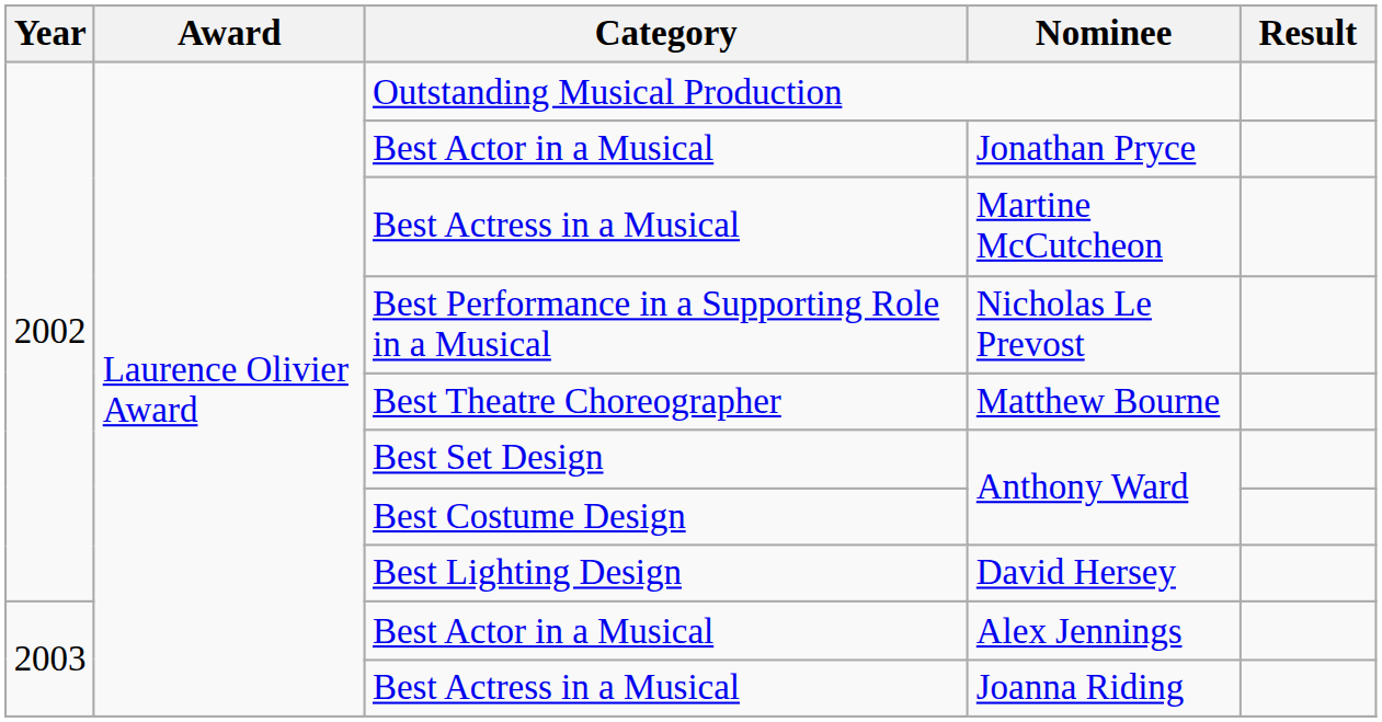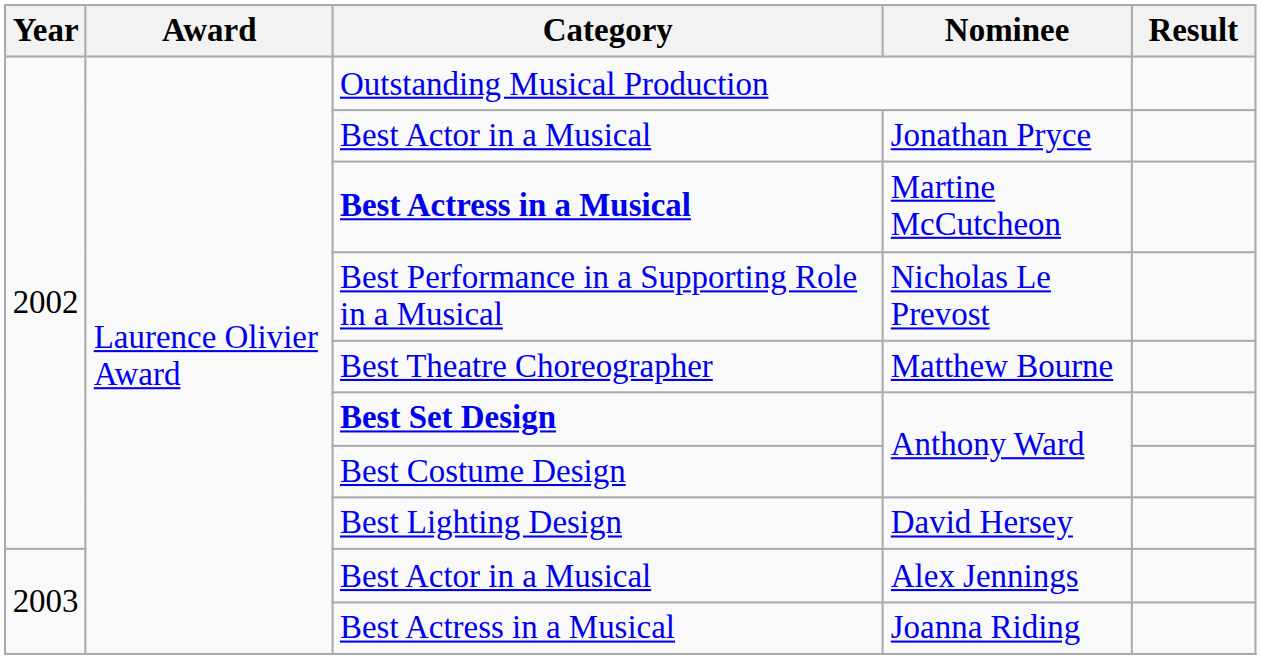 <table class="wikitable">
 <tr>
 <th width="5%">Year</th>
 <th width="20%">Award</th>
 <th width="45%">Category</th>
 <th width="20%">Nominee</th>
 <th width="10%">Result</th>
 </tr>
 <tr>
 <td rowspan="8" align="center">2002</td>
 <td rowspan="10"><a href='#'>Laurence Olivier Award</a></td>
 <td colspan="2"><a href='#'>Outstanding Musical Production</a></td>
 <td></td>
 </tr>
 <tr>
 <td><a href='#'>Best Actor in a Musical</a></td>
 <td><a href='#'>Jonathan Pryce</a></td>
 <td></td>
 </tr>
 <tr>
-<td><a href='#'>Best Actress in a Musical</a></td>
+<td><strong><a href='#'>Best Actress in a Musical</a></strong></td>
 <td><a href='#'>Martine McCutcheon</a></td>
 <td></td>
 </tr>
 <tr>
 <td><a href='#'>Best Performance in a Supporting Role in a Musical</a></td>
 <td><a href='#'>Nicholas Le Prevost</a></td>
 <td></td>
 </tr>
 <tr>
 <td><a href='#'>Best Theatre Choreographer</a></td>
 <td><a href='#'>Matthew Bourne</a></td>
 <td></td>
 </tr>
 <tr>
-<td><a href='#'>Best Set Design</a></td>
+<td><strong><a href='#'>Best Set Design</a></strong></td>
 <td rowspan="2"><a href='#'>Anthony Ward</a></td>
 <td></td>
 </tr>
 <tr>
 <td><a href='#'>Best Costume Design</a></td>
 <td></td>
 </tr>
 <tr>
 <td><a href='#'>Best Lighting Design</a></td>
 <td><a href='#'>David Hersey</a></td>
 <td></td>
 </tr>
 <tr>
 <td rowspan="2" align="center">2003</td>
 <td><a href='#'>Best Actor in a Musical</a></td>
 <td><a href='#'>Alex Jennings</a></td>
 <td></td>
 </tr>
 <tr>
 <td><a href='#'>Best Actress in a Musical</a></td>
 <td><a href='#'>Joanna Riding</a></td>
 <td></td>
 </tr>
 </table>
